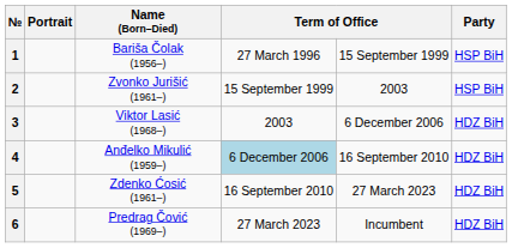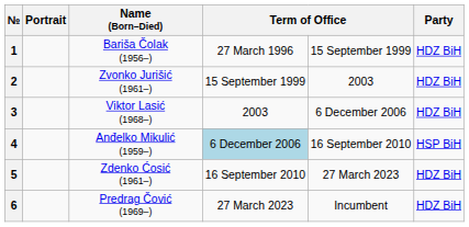 <table class="wikitable" style="text-align:center">
 <tr ->
 <th>№</th>
 <th>Portrait</th>
 <th width=180>Name<br><small>(Born–Died)</small></th>
 <th colspan=2>Term of Office</th>
 <th>Party</th>
 </tr>
 <tr ->
 <th style="background:">1</th>
 <td></td>
 <td><a href='#'>Bariša Čolak</a><br><small>(1956–)</small></td>
 <td>27 March 1996</td>
 <td>15 September 1999</td>
-<td><a href='#'>HSP BiH</a></td>
+<td><a href='#'>HDZ BiH</a></td>
 </tr>
 <tr ->
 <th style="background:">2</th>
 <td></td>
 <td><a href='#'>Zvonko Jurišić</a><br><small>(1961–)</small></td>
 <td>15 September 1999</td>
 <td>2003</td>
-<td><a href='#'>HSP BiH</a></td>
+<td><a href='#'>HDZ BiH</a></td>
 </tr>
 <tr ->
 <th style="background:">3</th>
 <td></td>
 <td><a href='#'>Viktor Lasić</a><br><small>(1968–)</small></td>
 <td>2003</td>
 <td>6 December 2006</td>
 <td><a href='#'>HDZ BiH</a></td>
 </tr>
 <tr ->
 <th style="background:">4</th>
 <td></td>
 <td><a href='#'>Anđelko Mikulić</a><br><small>(1959–)</small></td>
 <td style="background: lightblue;">6 December 2006</td>
 <td>16 September 2010</td>
-<td><a href='#'>HDZ BiH</a></td>
+<td><a href='#'>HSP BiH</a></td>
 </tr>
 <tr ->
 <th style="background:">5</th>
 <td></td>
 <td><a href='#'>Zdenko Ćosić</a><br><small>(1961–)</small></td>
 <td>16 September 2010</td>
 <td>27 March 2023</td>
 <td><a href='#'>HDZ BiH</a></td>
 </tr>
 <tr ->
 <th style="background:">6</th>
 <td></td>
 <td><a href='#'>Predrag Čović</a><br><small>(1969–)</small></td>
 <td>27 March 2023</td>
 <td>Incumbent</td>
 <td><a href='#'>HDZ BiH</a></td>
 </tr>
 </table>
